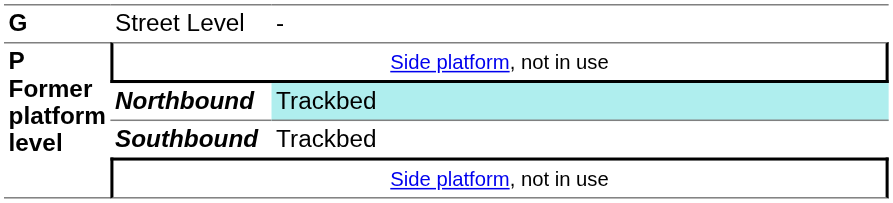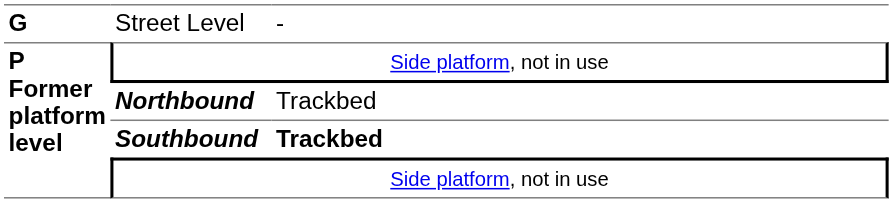 <table table border=0 cellspacing=0 cellpadding=3>
 <tr>
 <td style="width:50px;border-top:solid 1px gray; vertical-align:top;" width=50><strong>G</strong></td>
 <td style="width:100px;border-top:solid 1px gray; vertical-align:top;" width=100>Street Level</td>
 <td style="width:400px;border-top:solid 1px gray; vertical-align:top;" width=400>-</td>
 </tr>
 <tr>
 <td rowspan=4 style="width:50px; border-top:solid 1px gray; border-bottom:solid 1px gray; vertical-align:top;"><strong>P<br>Former platform level</strong></td>
 <td colspan="2" style="border-top:solid 1px gray; border-right:solid 2px black; border-left:solid 2px black; border-bottom:solid 2px black; text-align:center;"><small><a href='#'>Side platform</a>, not in use</small></td>
 </tr>
 <tr>
 <td style="border-bottom:solid 1px gray;" width=100><strong><em>Northbound</em></strong></td>
-<td style="background: paleturquoise; border-bottom:solid 1px gray;" width=400>Trackbed</td>
+<td style="border-bottom:solid 1px gray;" width=400>Trackbed</td>
 </tr>
 <tr>
 <td><strong><em>Southbound</em></strong></td>
-<td>Trackbed</td>
+<td><strong>Trackbed</strong></td>
 </tr>
 <tr>
 <td style="border-bottom:solid 1px gray;border-top:solid 2px black;border-right:solid 2px black;border-left:solid 2px black;text-align:center;" colspan=2><small><a href='#'>Side platform</a>, not in use</small></td>
 </tr>
 </table>
